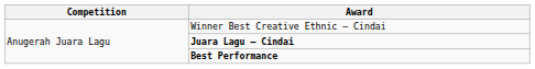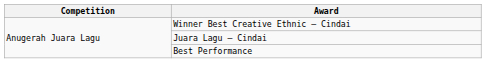 <table class="wikitable" style="width:60%;">
 <tr>
 <th style="text-align:center;">Competition</th>
 <th style="text-align:center;">Award</th>
 </tr>
 <tr>
 <td rowspan="3" align="left">Anugerah Juara Lagu</td>
 <td align="left">Winner Best Creative Ethnic  – Cindai</td>
 </tr>
 <tr>
-<td align="left"><strong>Juara Lagu – Cindai</strong></td>
+<td align="left">Juara Lagu – Cindai</td>
 </tr>
 <tr>
-<td align="left"><strong>Best Performance</strong></td>
+<td align="left">Best Performance</td>
 </tr>
 </table>
